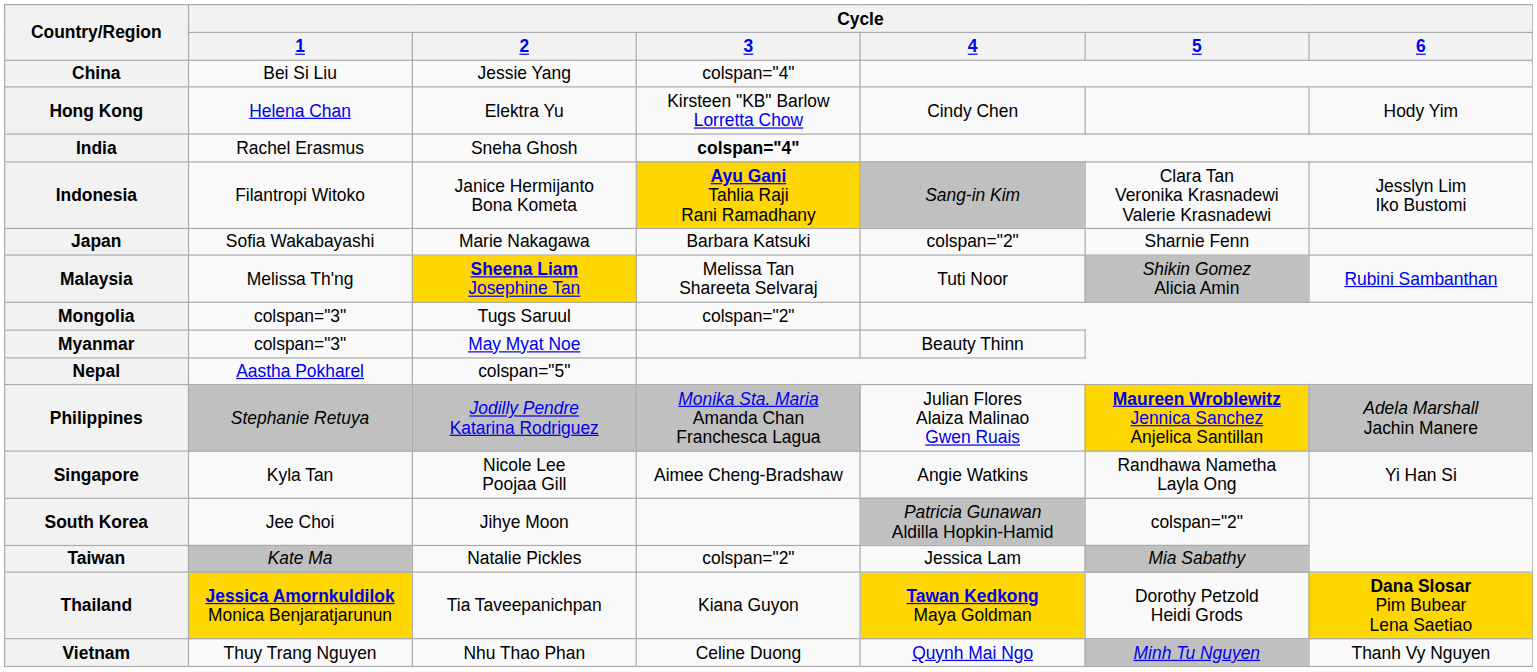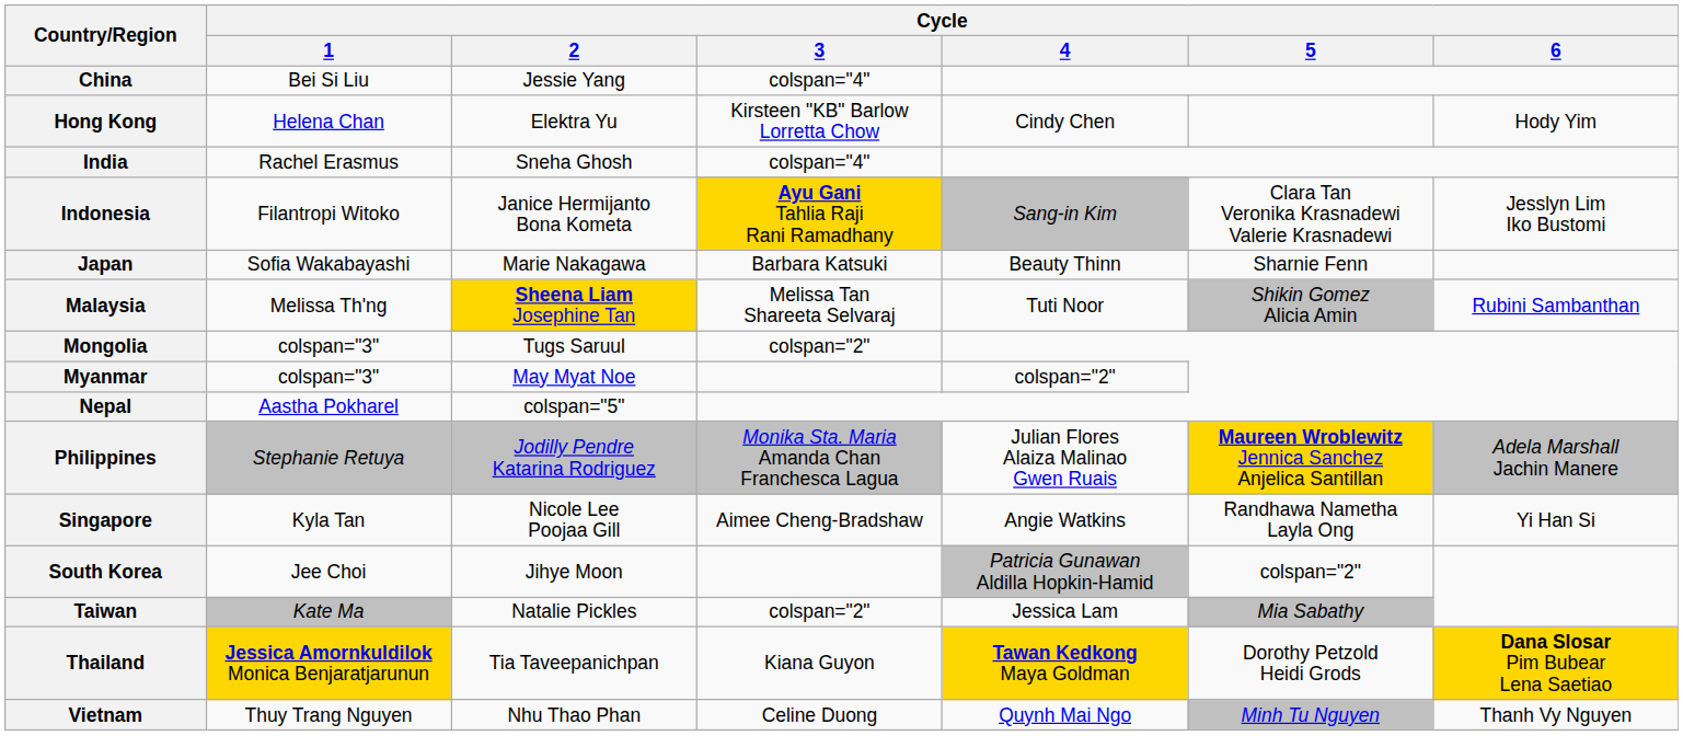 <table class="wikitable mw-collapsed mw-collapsible" style="text-align:center; width:100%; font-size:90%">
 <tr>
 <th rowspan="2" style="width:12%;">Country/Region</th>
 <th colspan="6" style="width:88%;">Cycle</th>
 </tr>
 <tr>
 <th style="width:14.67%;"><a href='#'>1</a></th>
 <th style="width:14.67%;"><a href='#'>2</a></th>
 <th style="width:14.67%;"><a href='#'>3</a></th>
 <th style="width:14.67%;"><a href='#'>4</a></th>
 <th style="width:14.67%;"><a href='#'>5</a></th>
 <th style="width:14.67%;"><a href='#'>6</a></th>
 </tr>
 <tr>
 <th style="text-align:center;">China</th>
 <td>Bei Si Liu</td>
 <td>Jessie Yang</td>
 <td>colspan="4" </td>
 </tr>
 <tr>
 <th style="text-align:center;">Hong Kong</th>
 <td><a href='#'>Helena Chan</a></td>
 <td>Elektra Yu</td>
 <td>Kirsteen "KB" Barlow<br><a href='#'>Lorretta Chow</a></td>
 <td>Cindy Chen</td>
 <td></td>
 <td>Hody Yim</td>
 </tr>
 <tr>
 <th style="text-align:center;">India</th>
 <td>Rachel Erasmus</td>
 <td>Sneha Ghosh</td>
-<td><strong>colspan="4" </strong></td>
+<td>colspan="4" </td>
 </tr>
 <tr>
 <th style="text-align:center;">Indonesia</th>
 <td>Filantropi Witoko</td>
 <td>Janice Hermijanto<br>Bona Kometa</td>
 <td style="background:gold;"><strong><a href='#'>Ayu Gani</a></strong><br>Tahlia Raji<br>Rani Ramadhany</td>
 <td style="background:silver;"><em>Sang-in Kim</em></td>
 <td>Clara Tan<br>Veronika Krasnadewi<br>Valerie Krasnadewi</td>
 <td>Jesslyn Lim<br>Iko Bustomi</td>
 </tr>
 <tr>
 <th style="text-align:center;">Japan</th>
 <td>Sofia Wakabayashi</td>
 <td>Marie Nakagawa</td>
 <td>Barbara Katsuki</td>
-<td>colspan="2" </td>
+<td>Beauty Thinn</td>
 <td>Sharnie Fenn</td>
 </tr>
 <tr>
 <th style="text-align:center;">Malaysia</th>
 <td>Melissa Th'ng</td>
 <td style="background:gold;"><strong><a href='#'>Sheena Liam</a></strong><br><a href='#'>Josephine Tan</a></td>
 <td>Melissa Tan<br>Shareeta Selvaraj</td>
 <td>Tuti Noor</td>
 <td style="background:silver;"><em>Shikin Gomez</em><br>Alicia Amin</td>
 <td><a href='#'>Rubini Sambanthan</a></td>
 </tr>
 <tr>
 <th style="text-align:center;">Mongolia</th>
 <td>colspan="3" </td>
 <td>Tugs Saruul</td>
 <td>colspan="2" </td>
 </tr>
 <tr>
 <th style="text-align:center;">Myanmar</th>
 <td>colspan="3" </td>
 <td><a href='#'>May Myat Noe</a></td>
 <td></td>
-<td>Beauty Thinn</td>
+<td>colspan="2" </td>
 </tr>
 <tr>
 <th style="text-align:center;">Nepal</th>
 <td><a href='#'>Aastha Pokharel</a></td>
 <td>colspan="5" </td>
 </tr>
 <tr>
 <th style="text-align:center;">Philippines</th>
 <td style="background:silver;"><em>Stephanie Retuya</em></td>
 <td style="background:silver;"><em><a href='#'>Jodilly Pendre</a></em><br><a href='#'>Katarina Rodriguez</a></td>
 <td style="background:silver;"><a href='#'><em>Monika Sta. Maria</em></a><br>Amanda Chan<br>Franchesca Lagua</td>
 <td>Julian Flores<br>Alaiza Malinao<br><a href='#'>Gwen Ruais</a></td>
 <td style="background:gold;"><strong><a href='#'>Maureen Wroblewitz</a></strong><br><a href='#'>Jennica Sanchez</a><br>Anjelica Santillan</td>
 <td style="background:silver;"><em>Adela Marshall</em><br>Jachin Manere</td>
 </tr>
 <tr>
 <th style="text-align:center;">Singapore</th>
 <td>Kyla Tan</td>
 <td>Nicole Lee<br>Poojaa Gill</td>
 <td>Aimee Cheng-Bradshaw</td>
 <td>Angie Watkins</td>
 <td>Randhawa Nametha<br>Layla Ong</td>
 <td>Yi Han Si</td>
 </tr>
 <tr>
 <th style="text-align:center;">South Korea</th>
 <td>Jee Choi</td>
 <td>Jihye Moon</td>
 <td></td>
 <td style="background:silver;"><em>Patricia Gunawan</em><br>Aldilla Hopkin-Hamid</td>
 <td>colspan="2" </td>
 </tr>
 <tr>
 <th style="text-align:center;">Taiwan</th>
 <td style="background:silver;"><em>Kate Ma</em></td>
 <td>Natalie Pickles</td>
 <td>colspan="2" </td>
 <td>Jessica Lam</td>
 <td style="background:silver;"><em>Mia Sabathy</em></td>
 </tr>
 <tr>
 <th style="text-align:center;">Thailand</th>
 <td style="background:gold;"><strong><a href='#'>Jessica Amornkuldilok</a></strong><br>Monica Benjaratjarunun</td>
 <td>Tia Taveepanichpan</td>
 <td>Kiana Guyon</td>
 <td style="background:gold;"><strong><a href='#'>Tawan Kedkong</a></strong><br>Maya Goldman</td>
 <td>Dorothy Petzold<br>Heidi Grods</td>
 <td style="background:gold;"><strong>Dana Slosar</strong><br>Pim Bubear<br>Lena Saetiao</td>
 </tr>
 <tr>
 <th style="text-align:center;">Vietnam</th>
 <td>Thuy Trang Nguyen</td>
 <td>Nhu Thao Phan</td>
 <td>Celine Duong</td>
 <td><a href='#'>Quynh Mai Ngo</a></td>
 <td style="background:silver;"><em><a href='#'>Minh Tu Nguyen</a></em></td>
 <td>Thanh Vy Nguyen</td>
 </tr>
 </table>
